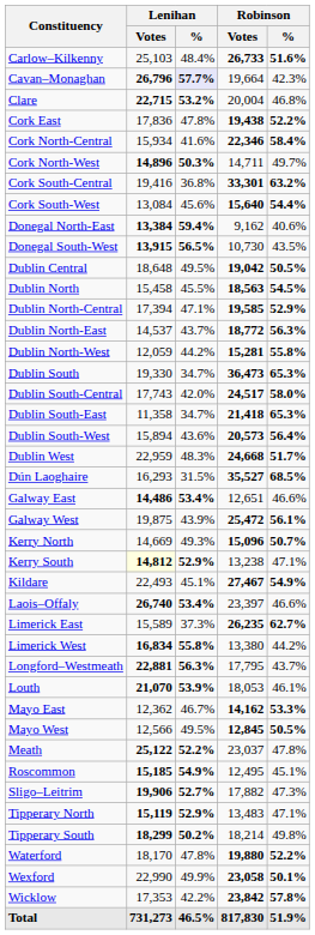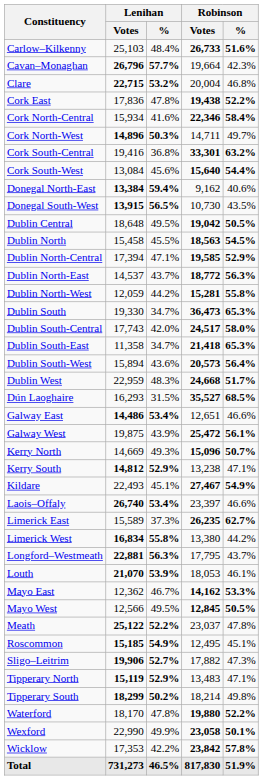 <table class="wikitable sortable">
 <tr>
 <th rowspan=2>Constituency</th>
 <th colspan=2>Lenihan</th>
 <th colspan=2>Robinson</th>
 </tr>
 <tr>
 <th>Votes</th>
 <th>%</th>
 <th>Votes</th>
 <th>%</th>
 </tr>
 <tr>
 <td><a href='#'>Carlow–Kilkenny</a></td>
 <td style="text-align: right;">25,103</td>
 <td style="text-align: right;">48.4%</td>
 <td style="text-align: right;"><strong>26,733</strong></td>
 <td style="text-align: right;"><strong>51.6%</strong></td>
 </tr>
 <tr>
 <td><a href='#'>Cavan–Monaghan</a></td>
 <td style="text-align: right;"><strong>26,796</strong></td>
-<td style="background: lavender; text-align: right;"><strong>57.7%</strong></td>
+<td style="text-align: right;"><strong>57.7%</strong></td>
 <td style="text-align: right;">19,664</td>
 <td style="text-align: right;">42.3%</td>
 </tr>
 <tr>
 <td><a href='#'>Clare</a></td>
 <td style="text-align: right;"><strong>22,715</strong></td>
 <td style="text-align: right;"><strong>53.2%</strong></td>
 <td style="text-align: right;">20,004</td>
 <td style="text-align: right;">46.8%</td>
 </tr>
 <tr>
 <td><a href='#'>Cork East</a></td>
 <td style="text-align: right;">17,836</td>
 <td style="text-align: right;">47.8%</td>
 <td style="text-align: right;"><strong>19,438</strong></td>
 <td style="text-align: right;"><strong>52.2%</strong></td>
 </tr>
 <tr>
 <td><a href='#'>Cork North-Central</a></td>
 <td style="text-align: right;">15,934</td>
 <td style="text-align: right;">41.6%</td>
 <td style="text-align: right;"><strong>22,346</strong></td>
 <td style="text-align: right;"><strong>58.4%</strong></td>
 </tr>
 <tr>
 <td><a href='#'>Cork North-West</a></td>
 <td style="text-align: right;"><strong>14,896</strong></td>
 <td style="text-align: right;"><strong>50.3%</strong></td>
 <td style="text-align: right;">14,711</td>
 <td style="text-align: right;">49.7%</td>
 </tr>
 <tr>
 <td><a href='#'>Cork South-Central</a></td>
 <td style="text-align: right;">19,416</td>
 <td style="text-align: right;">36.8%</td>
 <td style="text-align: right;"><strong>33,301</strong></td>
 <td style="text-align: right;"><strong>63.2%</strong></td>
 </tr>
 <tr>
 <td><a href='#'>Cork South-West</a></td>
 <td style="text-align: right;">13,084</td>
 <td style="text-align: right;">45.6%</td>
 <td style="text-align: right;"><strong>15,640</strong></td>
 <td style="text-align: right;"><strong>54.4%</strong></td>
 </tr>
 <tr>
 <td><a href='#'>Donegal North-East</a></td>
 <td style="text-align: right;"><strong>13,384</strong></td>
 <td style="text-align: right;"><strong>59.4%</strong></td>
 <td style="text-align: right;">9,162</td>
 <td style="text-align: right;">40.6%</td>
 </tr>
 <tr>
 <td><a href='#'>Donegal South-West</a></td>
 <td style="text-align: right;"><strong>13,915</strong></td>
 <td style="text-align: right;"><strong>56.5%</strong></td>
 <td style="text-align: right;">10,730</td>
 <td style="text-align: right;">43.5%</td>
 </tr>
 <tr>
 <td><a href='#'>Dublin Central</a></td>
 <td style="text-align: right;">18,648</td>
 <td style="text-align: right;">49.5%</td>
 <td style="text-align: right;"><strong>19,042</strong></td>
 <td style="text-align: right;"><strong>50.5%</strong></td>
 </tr>
 <tr>
 <td><a href='#'>Dublin North</a></td>
 <td style="text-align: right;">15,458</td>
 <td style="text-align: right;">45.5%</td>
 <td style="text-align: right;"><strong>18,563</strong></td>
 <td style="text-align: right;"><strong>54.5%</strong></td>
 </tr>
 <tr>
 <td><a href='#'>Dublin North-Central</a></td>
 <td style="text-align: right;">17,394</td>
 <td style="text-align: right;">47.1%</td>
 <td style="text-align: right;"><strong>19,585</strong></td>
 <td style="text-align: right;"><strong>52.9%</strong></td>
 </tr>
 <tr>
 <td><a href='#'>Dublin North-East</a></td>
 <td style="text-align: right;">14,537</td>
 <td style="text-align: right;">43.7%</td>
 <td style="text-align: right;"><strong>18,772</strong></td>
 <td style="text-align: right;"><strong>56.3%</strong></td>
 </tr>
 <tr>
 <td><a href='#'>Dublin North-West</a></td>
 <td style="text-align: right;">12,059</td>
 <td style="text-align: right;">44.2%</td>
 <td style="text-align: right;"><strong>15,281</strong></td>
 <td style="text-align: right;"><strong>55.8%</strong></td>
 </tr>
 <tr>
 <td><a href='#'>Dublin South</a></td>
 <td style="text-align: right;">19,330</td>
 <td style="text-align: right;">34.7%</td>
 <td style="text-align: right;"><strong>36,473</strong></td>
 <td style="text-align: right;"><strong>65.3%</strong></td>
 </tr>
 <tr>
 <td><a href='#'>Dublin South-Central</a></td>
 <td style="text-align: right;">17,743</td>
 <td style="text-align: right;">42.0%</td>
 <td style="text-align: right;"><strong>24,517</strong></td>
 <td style="text-align: right;"><strong>58.0%</strong></td>
 </tr>
 <tr>
 <td><a href='#'>Dublin South-East</a></td>
 <td style="text-align: right;">11,358</td>
 <td style="text-align: right;">34.7%</td>
 <td style="text-align: right;"><strong>21,418</strong></td>
 <td style="text-align: right;"><strong>65.3%</strong></td>
 </tr>
 <tr>
 <td><a href='#'>Dublin South-West</a></td>
 <td style="text-align: right;">15,894</td>
 <td style="text-align: right;">43.6%</td>
 <td style="text-align: right;"><strong>20,573</strong></td>
 <td style="text-align: right;"><strong>56.4%</strong></td>
 </tr>
 <tr>
 <td><a href='#'>Dublin West</a></td>
 <td style="text-align: right;">22,959</td>
 <td style="text-align: right;">48.3%</td>
 <td style="text-align: right;"><strong>24,668</strong></td>
 <td style="text-align: right;"><strong>51.7%</strong></td>
 </tr>
 <tr>
 <td><a href='#'>Dún Laoghaire</a></td>
 <td style="text-align: right;">16,293</td>
 <td style="text-align: right;">31.5%</td>
 <td style="text-align: right;"><strong>35,527</strong></td>
 <td style="text-align: right;"><strong>68.5%</strong></td>
 </tr>
 <tr>
 <td><a href='#'>Galway East</a></td>
 <td style="text-align: right;"><strong>14,486</strong></td>
 <td style="text-align: right;"><strong>53.4%</strong></td>
 <td style="text-align: right;">12,651</td>
 <td style="text-align: right;">46.6%</td>
 </tr>
 <tr>
 <td><a href='#'>Galway West</a></td>
 <td style="text-align: right;">19,875</td>
 <td style="text-align: right;">43.9%</td>
 <td style="text-align: right;"><strong>25,472</strong></td>
 <td style="text-align: right;"><strong>56.1%</strong></td>
 </tr>
 <tr>
 <td><a href='#'>Kerry North</a></td>
 <td style="text-align: right;">14,669</td>
 <td style="text-align: right;">49.3%</td>
 <td style="text-align: right;"><strong>15,096</strong></td>
 <td style="text-align: right;"><strong>50.7%</strong></td>
 </tr>
 <tr>
 <td><a href='#'>Kerry South</a></td>
-<td style="background: lightyellow; text-align: right;"><strong>14,812</strong></td>
+<td style="text-align: right;"><strong>14,812</strong></td>
 <td style="text-align: right;"><strong>52.9%</strong></td>
 <td style="text-align: right;">13,238</td>
 <td style="text-align: right;">47.1%</td>
 </tr>
 <tr>
 <td><a href='#'>Kildare</a></td>
 <td style="text-align: right;">22,493</td>
 <td style="text-align: right;">45.1%</td>
 <td style="text-align: right;"><strong>27,467</strong></td>
 <td style="text-align: right;"><strong>54.9%</strong></td>
 </tr>
 <tr>
 <td><a href='#'>Laois–Offaly</a></td>
 <td style="text-align: right;"><strong>26,740</strong></td>
 <td style="text-align: right;"><strong>53.4%</strong></td>
 <td style="text-align: right;">23,397</td>
 <td style="text-align: right;">46.6%</td>
 </tr>
 <tr>
 <td><a href='#'>Limerick East</a></td>
 <td style="text-align: right;">15,589</td>
 <td style="text-align: right;">37.3%</td>
 <td style="text-align: right;"><strong>26,235</strong></td>
 <td style="text-align: right;"><strong>62.7%</strong></td>
 </tr>
 <tr>
 <td><a href='#'>Limerick West</a></td>
 <td style="text-align: right;"><strong>16,834</strong></td>
 <td style="text-align: right;"><strong>55.8%</strong></td>
 <td style="text-align: right;">13,380</td>
 <td style="text-align: right;">44.2%</td>
 </tr>
 <tr>
 <td><a href='#'>Longford–Westmeath</a></td>
 <td style="text-align: right;"><strong>22,881</strong></td>
 <td style="text-align: right;"><strong>56.3%</strong></td>
 <td style="text-align: right;">17,795</td>
 <td style="text-align: right;">43.7%</td>
 </tr>
 <tr>
 <td><a href='#'>Louth</a></td>
 <td style="text-align: right;"><strong>21,070</strong></td>
 <td style="text-align: right;"><strong>53.9%</strong></td>
 <td style="text-align: right;">18,053</td>
 <td style="text-align: right;">46.1%</td>
 </tr>
 <tr>
 <td><a href='#'>Mayo East</a></td>
 <td style="text-align: right;">12,362</td>
 <td style="text-align: right;">46.7%</td>
 <td style="text-align: right;"><strong>14,162</strong></td>
 <td style="text-align: right;"><strong>53.3%</strong></td>
 </tr>
 <tr>
 <td><a href='#'>Mayo West</a></td>
 <td style="text-align: right;">12,566</td>
 <td style="text-align: right;">49.5%</td>
 <td style="text-align: right;"><strong>12,845</strong></td>
 <td style="text-align: right;"><strong>50.5%</strong></td>
 </tr>
 <tr>
 <td><a href='#'>Meath</a></td>
 <td style="text-align: right;"><strong>25,122</strong></td>
 <td style="text-align: right;"><strong>52.2%</strong></td>
 <td style="text-align: right;">23,037</td>
 <td style="text-align: right;">47.8%</td>
 </tr>
 <tr>
 <td><a href='#'>Roscommon</a></td>
 <td style="text-align: right;"><strong>15,185</strong></td>
 <td style="text-align: right;"><strong>54.9%</strong></td>
 <td style="text-align: right;">12,495</td>
 <td style="text-align: right;">45.1%</td>
 </tr>
 <tr>
 <td><a href='#'>Sligo–Leitrim</a></td>
 <td style="text-align: right;"><strong>19,906</strong></td>
 <td style="text-align: right;"><strong>52.7%</strong></td>
 <td style="text-align: right;">17,882</td>
 <td style="text-align: right;">47.3%</td>
 </tr>
 <tr>
 <td><a href='#'>Tipperary North</a></td>
 <td style="text-align: right;"><strong>15,119</strong></td>
 <td style="text-align: right;"><strong>52.9%</strong></td>
 <td style="text-align: right;">13,483</td>
 <td style="text-align: right;">47.1%</td>
 </tr>
 <tr>
 <td><a href='#'>Tipperary South</a></td>
 <td style="text-align: right;"><strong>18,299</strong></td>
 <td style="text-align: right;"><strong>50.2%</strong></td>
 <td style="text-align: right;">18,214</td>
 <td style="text-align: right;">49.8%</td>
 </tr>
 <tr>
 <td><a href='#'>Waterford</a></td>
 <td style="text-align: right;">18,170</td>
 <td style="text-align: right;">47.8%</td>
 <td style="text-align: right;"><strong>19,880</strong></td>
 <td style="text-align: right;"><strong>52.2%</strong></td>
 </tr>
 <tr>
 <td><a href='#'>Wexford</a></td>
 <td style="text-align: right;">22,990</td>
 <td style="text-align: right;">49.9%</td>
 <td style="text-align: right;"><strong>23,058</strong></td>
 <td style="text-align: right;"><strong>50.1%</strong></td>
 </tr>
 <tr>
 <td><a href='#'>Wicklow</a></td>
 <td style="text-align: right;">17,353</td>
 <td style="text-align: right;">42.2%</td>
 <td style="text-align: right;"><strong>23,842</strong></td>
 <td style="text-align: right;"><strong>57.8%</strong></td>
 </tr>
 <tr class="sortbottom" style="font-weight:bold; background:rgb(232,232,232);">
 <td>Total</td>
 <td style="text-align: right;">731,273</td>
 <td style="text-align: right;">46.5%</td>
 <td style="text-align: right;">817,830</td>
 <td style="text-align: right;">51.9%<br></td>
 </tr>
 </table>
